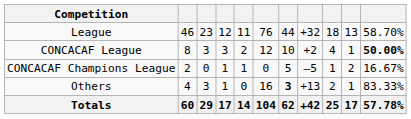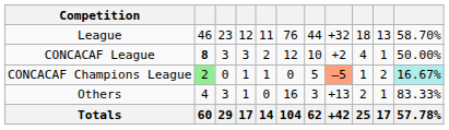 <table class="wikitable">
 <tr>
 <th>Competition</th>
 <th></th>
 <th></th>
 <th></th>
 <th></th>
 <th></th>
 <th></th>
 <th></th>
 <th></th>
 <th></th>
 <th></th>
 </tr>
 <tr align=center>
 <td>League</td>
 <td>46</td>
 <td>23</td>
 <td>12</td>
 <td>11</td>
 <td>76</td>
 <td>44</td>
 <td>+32</td>
 <td>18</td>
 <td>13</td>
 <td>58.70%</td>
 </tr>
 <tr align=center>
 <td>CONCACAF League</td>
-<td>8</td>
+<td><strong>8</strong></td>
 <td>3</td>
 <td>3</td>
 <td>2</td>
 <td>12</td>
 <td>10</td>
 <td>+2</td>
 <td>4</td>
 <td>1</td>
-<td><strong>50.00%</strong></td>
+<td>50.00%</td>
 </tr>
 <tr align=center>
 <td>CONCACAF Champions League</td>
-<td>2</td>
+<td style="background: lightgreen;">2</td>
 <td>0</td>
 <td>1</td>
 <td>1</td>
 <td>0</td>
 <td>5</td>
-<td>–5</td>
+<td style="background: lightsalmon;">–5</td>
 <td>1</td>
 <td>2</td>
-<td>16.67%</td>
+<td style="background: paleturquoise;">16.67%</td>
 </tr>
 <tr align=center>
 <td>Others</td>
 <td>4</td>
 <td>3</td>
 <td>1</td>
 <td>0</td>
 <td>16</td>
-<td><strong>3</strong></td>
+<td>3</td>
 <td>+13</td>
 <td>2</td>
 <td>1</td>
 <td>83.33%</td>
 </tr>
 <tr>
 <th>Totals</th>
 <th>60</th>
 <th>29</th>
 <th>17</th>
 <th>14</th>
 <th>104</th>
 <th>62</th>
 <th>+42</th>
 <th>25</th>
 <th>17</th>
 <th>57.78%</th>
 </tr>
 </table>
